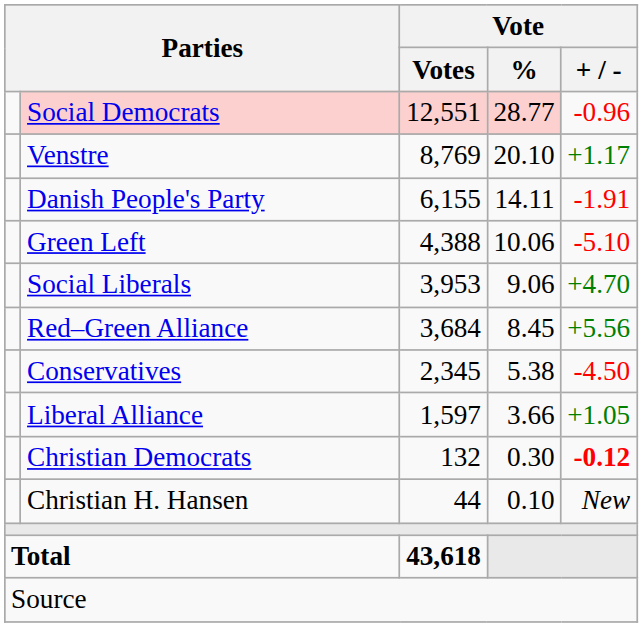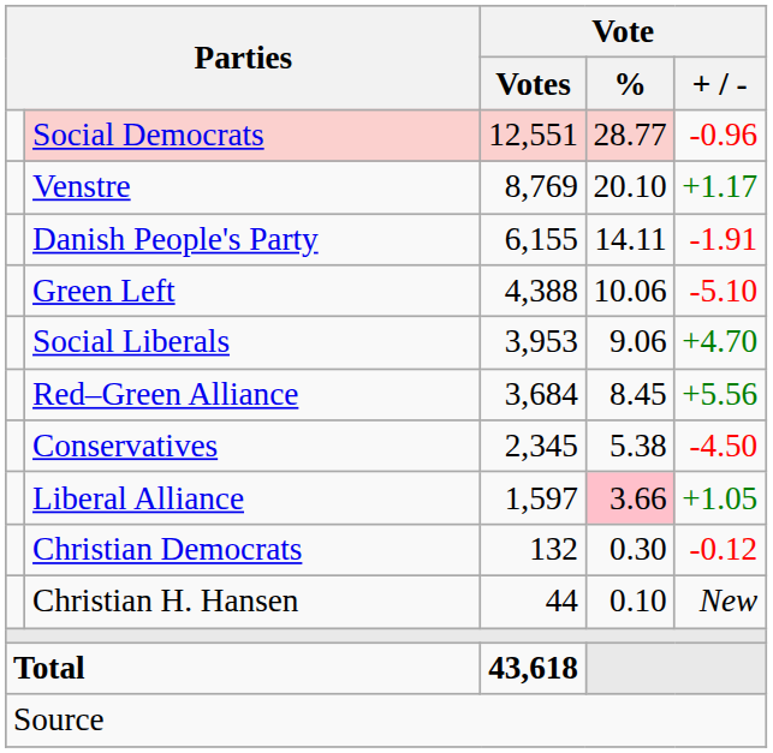 <table class="wikitable" style="text-align:right;">
 <tr>
 <th style="text-align:centre;" rowspan="2" colspan="2" width="225">Parties</th>
 <th colspan="3">Vote</th>
 </tr>
 <tr>
 <th width="15">Votes</th>
 <th width="15">%</th>
 <th width="15">+ / -</th>
 </tr>
 <tr>
 <td width="2" style="color:inherit;background:"></td>
 <td bgcolor=#fbd0ce  align="left"><a href='#'>Social Democrats</a></td>
 <td bgcolor=#fbd0ce>12,551</td>
 <td bgcolor=#fbd0ce>28.77</td>
 <td style=color:red;>-0.96</td>
 </tr>
 <tr>
 <td width="2" style="color:inherit;background:"></td>
 <td align="left"><a href='#'>Venstre</a></td>
 <td>8,769</td>
 <td>20.10</td>
 <td style=color:green;>+1.17</td>
 </tr>
 <tr>
 <td width="2" style="color:inherit;background:"></td>
 <td align="left"><a href='#'>Danish People's Party</a></td>
 <td>6,155</td>
 <td>14.11</td>
 <td style=color:red;>-1.91</td>
 </tr>
 <tr>
 <td width="2" style="color:inherit;background:"></td>
 <td align="left"><a href='#'>Green Left</a></td>
 <td>4,388</td>
 <td>10.06</td>
 <td style=color:red;>-5.10</td>
 </tr>
 <tr>
 <td width="2" style="color:inherit;background:"></td>
 <td align="left"><a href='#'>Social Liberals</a></td>
 <td>3,953</td>
 <td>9.06</td>
 <td style=color:green;>+4.70</td>
 </tr>
 <tr>
 <td width="2" style="color:inherit;background:"></td>
 <td align="left"><a href='#'>Red–Green Alliance</a></td>
 <td>3,684</td>
 <td>8.45</td>
 <td style=color:green;>+5.56</td>
 </tr>
 <tr>
 <td width="2" style="color:inherit;background:"></td>
 <td align="left"><a href='#'>Conservatives</a></td>
 <td>2,345</td>
 <td>5.38</td>
 <td style=color:red;>-4.50</td>
 </tr>
 <tr>
 <td width="2" style="color:inherit;background:"></td>
 <td align="left"><a href='#'>Liberal Alliance</a></td>
 <td>1,597</td>
-<td>3.66</td>
+<td style="background: pink;">3.66</td>
 <td style=color:green;>+1.05</td>
 </tr>
 <tr>
 <td width="2" style="color:inherit;background:"></td>
 <td align="left"><a href='#'>Christian Democrats</a></td>
 <td>132</td>
 <td>0.30</td>
-<td style=color:red;><strong>-0.12</strong></td>
+<td style=color:red;>-0.12</td>
 </tr>
 <tr>
 <td width="2" style="color:inherit;background:"></td>
 <td align="left">Christian H. Hansen</td>
 <td>44</td>
 <td>0.10</td>
 <td><em>New</em></td>
 </tr>
 <tr>
 <td colspan="7" bgcolor="#E9E9E9"></td>
 </tr>
 <tr>
 <td align="left" colspan="2"><strong>Total</strong></td>
 <td><strong>43,618</strong></td>
 <td bgcolor="#E9E9E9" colspan="2"></td>
 </tr>
 <tr>
 <td align="left" colspan="6">Source</td>
 </tr>
 </table>
